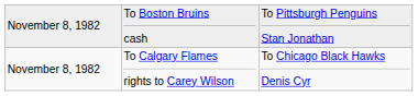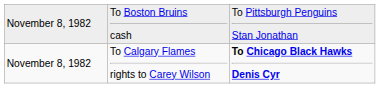 <table class="wikitable" style="border:1px solid #999; width:580px;">
 <tr style="background:#eee;">
 <td>November 8, 1982</td>
 <td valign="top">To <a href='#'>Boston Bruins</a><hr>cash</td>
 <td valign="top">To <a href='#'>Pittsburgh Penguins</a><hr><a href='#'>Stan Jonathan</a></td>
 </tr>
 <tr>
 <td>November 8, 1982</td>
 <td valign="top">To <a href='#'>Calgary Flames</a><hr>rights to <a href='#'>Carey Wilson</a></td>
-<td valign="top">To <a href='#'>Chicago Black Hawks</a><hr><a href='#'>Denis Cyr</a></td>
+<td valign="top"><strong>To <a href='#'>Chicago Black Hawks</a><hr><a href='#'>Denis Cyr</a></strong></td>
 </tr>
 </table>
